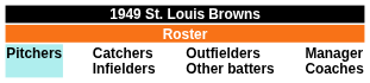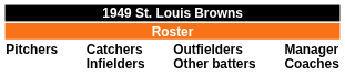 <table class="toccolours" style="font-size: 95%;">
 <tr>
 <th colspan="10" style="background-color: black; color: white; text-align: center;">1949 St. Louis Browns</th>
 </tr>
 <tr>
 <td colspan="10" style="background-color: #F87217; color: white; text-align: center;"><strong>Roster</strong></td>
 </tr>
 <tr>
-<td valign="top" style="background: paleturquoise;"><strong>Pitchers</strong><br>                </td>
+<td valign="top"><strong>Pitchers</strong><br>                </td>
 <td width="25px"></td>
 <td valign="top"><strong>Catchers</strong><br>  <strong>Infielders</strong>        </td>
 <td width="25px"></td>
 <td valign="top"><strong>Outfielders</strong><br>        <strong>Other batters</strong>  </td>
 <td width="25px"></td>
 <td valign="top"><strong>Manager</strong><br> <strong>Coaches</strong>    </td>
 </tr>
 <tr>
 </tr>
 </table>
